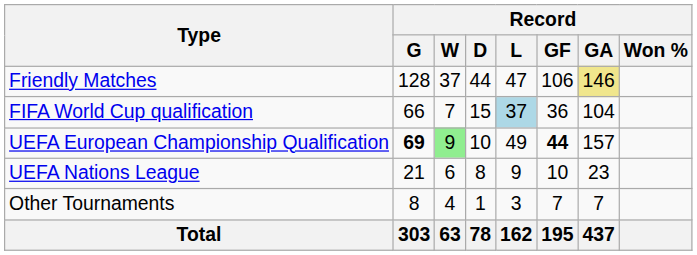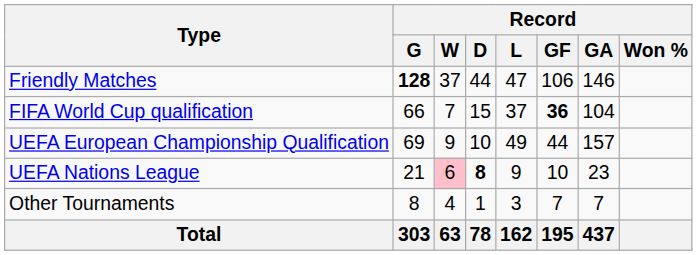 <table class="wikitable" style="text-align: center">
 <tr>
 <th rowspan="2">Type</th>
 <th colspan="7">Record</th>
 </tr>
 <tr>
 <th>G</th>
 <th>W</th>
 <th>D</th>
 <th>L</th>
 <th>GF</th>
 <th>GA</th>
 <th>Won %</th>
 </tr>
 <tr>
 <td align=left><a href='#'>Friendly Matches</a></td>
-<td>128</td>
+<td><strong>128</strong></td>
 <td>37</td>
 <td>44</td>
 <td>47</td>
 <td>106</td>
-<td style="background: khaki;">146</td>
+<td>146</td>
 <td></td>
 </tr>
 <tr>
 <td align=left><a href='#'>FIFA World Cup qualification</a></td>
 <td>66</td>
 <td>7</td>
 <td>15</td>
-<td style="background: lightblue;">37</td>
-<td>36</td>
+<td>37</td>
+<td><strong>36</strong></td>
 <td>104</td>
 <td></td>
 </tr>
 <tr>
 <td align=left><a href='#'>UEFA European Championship Qualification</a></td>
-<td><strong>69</strong></td>
-<td style="background: lightgreen;">9</td>
+<td>69</td>
+<td>9</td>
 <td>10</td>
 <td>49</td>
-<td><strong>44</strong></td>
+<td>44</td>
 <td>157</td>
 <td></td>
 </tr>
 <tr>
 <td align=left><a href='#'>UEFA Nations League</a></td>
 <td>21</td>
-<td>6</td>
-<td>8</td>
+<td style="background: pink;">6</td>
+<td><strong>8</strong></td>
 <td>9</td>
 <td>10</td>
 <td>23</td>
 <td></td>
 </tr>
 <tr>
 <td align=left>Other Tournaments</td>
 <td>8</td>
 <td>4</td>
 <td>1</td>
 <td>3</td>
 <td>7</td>
 <td>7</td>
 <td></td>
 </tr>
 <tr>
 <th align=center colspan="1">Total</th>
 <th>303</th>
 <th>63</th>
 <th>78</th>
 <th>162</th>
 <th>195</th>
 <th>437</th>
 <th></th>
 </tr>
 </table>
